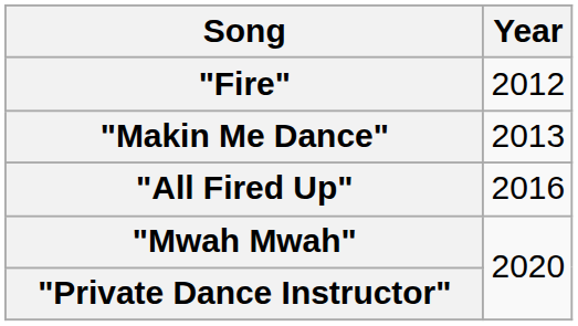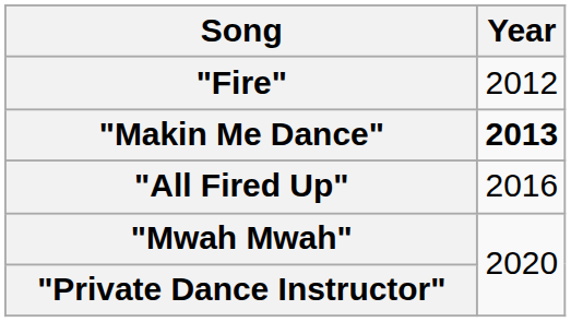 <table class="wikitable plainrowheaders" style="text-align:center;" border="1">
 <tr>
 <th scope="col" style="width:14em;">Song</th>
 <th scope="col">Year</th>
 </tr>
 <tr>
 <th scope="row">"Fire"</th>
 <td>2012</td>
 </tr>
 <tr>
 <th scope="row">"Makin Me Dance"</th>
-<td>2013</td>
+<td><strong>2013</strong></td>
 </tr>
 <tr>
 <th scope="row">"All Fired Up"<br></th>
 <td>2016</td>
 </tr>
 <tr>
 <th scope="row">"Mwah Mwah"<br></th>
 <td rowspan="2">2020</td>
 </tr>
 <tr>
 <th scope="row">"Private Dance Instructor"</th>
 </tr>
 </table>
